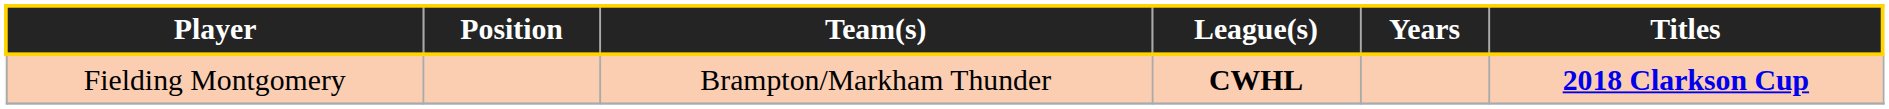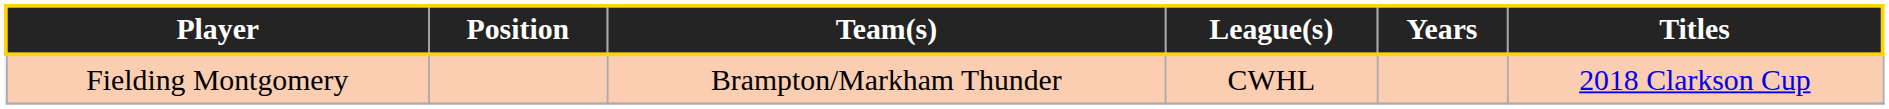 <table class="wikitable" width="80%">
 <tr align="center" style=" background:#242424;color:white;border:2px solid #FFD400">
 <td><strong>Player</strong></td>
 <td><strong>Position</strong></td>
 <td><strong>Team(s)</strong></td>
 <td><strong>League(s)</strong></td>
 <td><strong>Years</strong></td>
 <td><strong>Titles</strong></td>
 </tr>
 <tr align="center" bgcolor="#FBCEB1">
 <td>Fielding Montgomery</td>
 <td></td>
 <td>Brampton/Markham Thunder</td>
-<td><strong>CWHL</strong></td>
+<td>CWHL</td>
 <td></td>
-<td><strong><a href='#'>2018 Clarkson Cup</a></strong></td>
+<td><a href='#'>2018 Clarkson Cup</a></td>
 </tr>
 <tr align="center" bgcolor="">
 </tr>
 </table>
